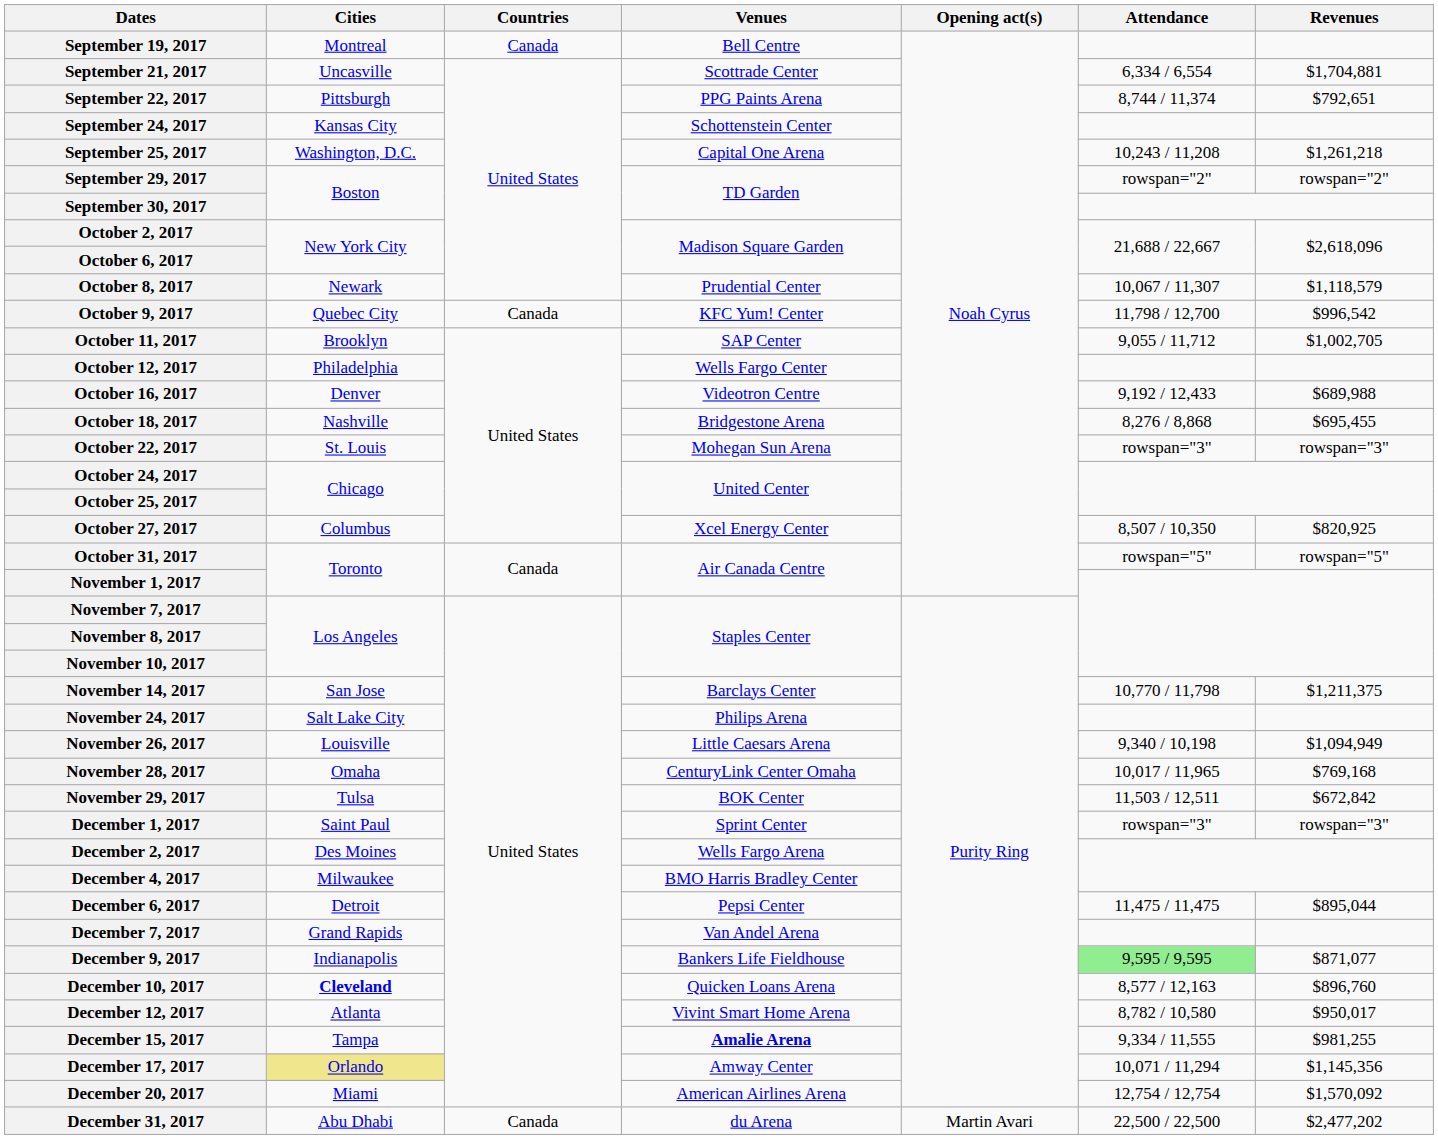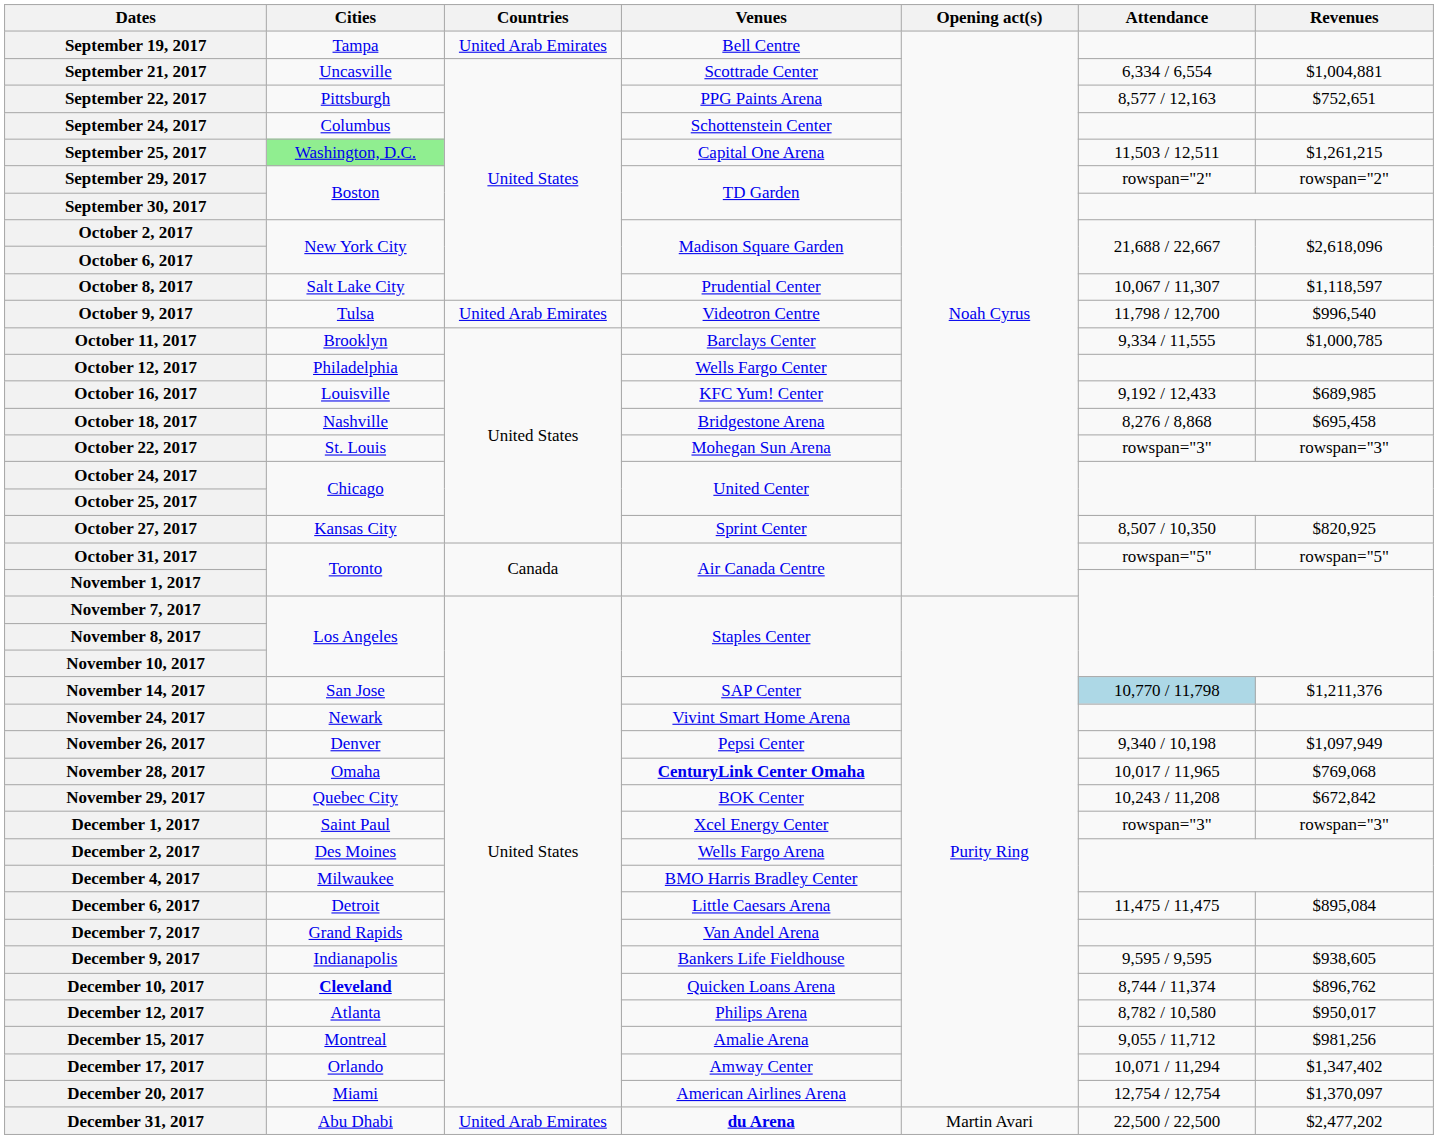 <table class="wikitable plainrowheaders" style="text-align:center;">
 <tr>
 <th scope="col" style="width:15em;">Dates</th>
 <th scope="col" style="width:10em;">Cities</th>
 <th scope="col" style="width:10em;">Countries</th>
 <th scope="col" style="width:16em;">Venues</th>
 <th scope="col" style="width:10em;">Opening act(s)</th>
 <th scope="col" style="width:10em;">Attendance</th>
 <th scope="col" style="width:10em;">Revenues</th>
 </tr>
 <tr>
 <th scope="row" style="text-align:center;">September 19, 2017</th>
-<td><a href='#'>Montreal</a></td>
-<td><a href='#'>Canada</a></td>
+<td><a href='#'>Tampa</a></td>
+<td><a href='#'>United Arab Emirates</a></td>
 <td><a href='#'>Bell Centre</a></td>
 <td rowspan="21"><a href='#'>Noah Cyrus</a></td>
 <td></td>
 <td></td>
 </tr>
 <tr>
 <th scope="row" style="text-align:center;">September 21, 2017</th>
 <td><a href='#'>Uncasville</a></td>
 <td rowspan="9"><a href='#'>United States</a></td>
 <td><a href='#'>Scottrade Center</a></td>
 <td>6,334 / 6,554</td>
-<td>$1,704,881</td>
+<td>$1,004,881</td>
 </tr>
 <tr>
 <th scope="row" style="text-align:center;">September 22, 2017</th>
 <td><a href='#'>Pittsburgh</a></td>
 <td><a href='#'>PPG Paints Arena</a></td>
-<td>8,744 / 11,374</td>
-<td>$792,651</td>
+<td>8,577 / 12,163</td>
+<td>$752,651</td>
 </tr>
 <tr>
 <th scope="row" style="text-align:center;">September 24, 2017</th>
-<td><a href='#'>Kansas City</a></td>
+<td><a href='#'>Columbus</a></td>
 <td><a href='#'>Schottenstein Center</a></td>
 <td></td>
 <td></td>
 </tr>
 <tr>
 <th scope="row" style="text-align:center;">September 25, 2017</th>
-<td><a href='#'>Washington, D.C.</a></td>
+<td style="background: lightgreen;"><a href='#'>Washington, D.C.</a></td>
 <td><a href='#'>Capital One Arena</a></td>
-<td>10,243 / 11,208</td>
-<td>$1,261,218</td>
+<td>11,503 / 12,511</td>
+<td>$1,261,215</td>
 </tr>
 <tr>
 <th scope="row" style="text-align:center;">September 29, 2017</th>
 <td rowspan="2"><a href='#'>Boston</a></td>
 <td rowspan="2"><a href='#'>TD Garden</a></td>
 <td>rowspan="2" </td>
 <td>rowspan="2" </td>
 </tr>
 <tr>
 <th scope="row" style="text-align:center;">September 30, 2017</th>
 </tr>
 <tr>
 <th scope="row" style="text-align:center;">October 2, 2017</th>
 <td rowspan="2"><a href='#'>New York City</a></td>
 <td rowspan="2"><a href='#'>Madison Square Garden</a></td>
 <td rowspan="2">21,688 / 22,667</td>
 <td rowspan="2">$2,618,096</td>
 </tr>
 <tr>
 <th scope="row" style="text-align:center;">October 6, 2017</th>
 </tr>
 <tr>
 <th scope="row" style="text-align:center;">October 8, 2017</th>
-<td><a href='#'>Newark</a></td>
+<td><a href='#'>Salt Lake City</a></td>
 <td><a href='#'>Prudential Center</a></td>
 <td>10,067 / 11,307</td>
-<td>$1,118,579</td>
+<td>$1,118,597</td>
 </tr>
 <tr>
 <th scope="row" style="text-align:center;">October 9, 2017</th>
-<td><a href='#'>Quebec City</a></td>
-<td>Canada</td>
-<td><a href='#'>KFC Yum! Center</a></td>
+<td><a href='#'>Tulsa</a></td>
+<td><a href='#'>United Arab Emirates</a></td>
+<td><a href='#'>Videotron Centre</a></td>
 <td>11,798 / 12,700</td>
-<td>$996,542</td>
+<td>$996,540</td>
 </tr>
 <tr>
 <th scope="row" style="text-align:center;">October 11, 2017</th>
 <td><a href='#'>Brooklyn</a></td>
 <td rowspan="8">United States</td>
-<td><a href='#'>SAP Center</a></td>
-<td>9,055 / 11,712</td>
-<td>$1,002,705</td>
+<td><a href='#'>Barclays Center</a></td>
+<td>9,334 / 11,555</td>
+<td>$1,000,785</td>
 </tr>
 <tr>
 <th scope="row" style="text-align:center;">October 12, 2017</th>
 <td><a href='#'>Philadelphia</a></td>
 <td><a href='#'>Wells Fargo Center</a></td>
 <td></td>
 <td></td>
 </tr>
 <tr>
 <th scope="row" style="text-align:center;">October 16, 2017</th>
-<td><a href='#'>Denver</a></td>
-<td><a href='#'>Videotron Centre</a></td>
+<td><a href='#'>Louisville</a></td>
+<td><a href='#'>KFC Yum! Center</a></td>
 <td>9,192 / 12,433</td>
-<td>$689,988</td>
+<td>$689,985</td>
 </tr>
 <tr>
 <th scope="row" style="text-align:center;">October 18, 2017</th>
 <td><a href='#'>Nashville</a></td>
 <td><a href='#'>Bridgestone Arena</a></td>
 <td>8,276 / 8,868</td>
-<td>$695,455</td>
+<td>$695,458</td>
 </tr>
 <tr>
 <th scope="row" style="text-align:center;">October 22, 2017</th>
 <td><a href='#'>St. Louis</a></td>
 <td><a href='#'>Mohegan Sun Arena</a></td>
 <td>rowspan="3" </td>
 <td>rowspan="3" </td>
 </tr>
 <tr>
 <th scope="row" style="text-align:center;">October 24, 2017</th>
 <td rowspan="2"><a href='#'>Chicago</a></td>
 <td rowspan="2"><a href='#'>United Center</a></td>
 </tr>
 <tr>
 <th scope="row" style="text-align:center;">October 25, 2017</th>
 </tr>
 <tr>
 <th scope="row" style="text-align:center;">October 27, 2017</th>
-<td><a href='#'>Columbus</a></td>
-<td><a href='#'>Xcel Energy Center</a></td>
+<td><a href='#'>Kansas City</a></td>
+<td><a href='#'>Sprint Center</a></td>
 <td>8,507 / 10,350</td>
 <td>$820,925</td>
 </tr>
 <tr>
 <th scope="row" style="text-align:center;">October 31, 2017</th>
 <td rowspan="2"><a href='#'>Toronto</a></td>
 <td rowspan="2">Canada</td>
 <td rowspan="2"><a href='#'>Air Canada Centre</a></td>
 <td>rowspan="5" </td>
 <td>rowspan="5" </td>
 </tr>
 <tr>
 <th scope="row" style="text-align:center;">November 1, 2017</th>
 </tr>
 <tr>
 <th scope="row" style="text-align:center;">November 7, 2017</th>
 <td rowspan="3"><a href='#'>Los Angeles</a></td>
 <td rowspan="19">United States</td>
 <td rowspan="3"><a href='#'>Staples Center</a></td>
 <td rowspan="19"><a href='#'>Purity Ring</a></td>
 </tr>
 <tr>
 <th scope="row" style="text-align:center;">November 8, 2017</th>
 </tr>
 <tr>
 <th scope="row" style="text-align:center;">November 10, 2017</th>
 </tr>
 <tr>
 <th scope="row" style="text-align:center;">November 14, 2017</th>
 <td><a href='#'>San Jose</a></td>
-<td><a href='#'>Barclays Center</a></td>
-<td>10,770 / 11,798</td>
-<td>$1,211,375</td>
+<td><a href='#'>SAP Center</a></td>
+<td style="background: lightblue;">10,770 / 11,798</td>
+<td>$1,211,376</td>
 </tr>
 <tr>
 <th scope="row" style="text-align:center;">November 24, 2017</th>
-<td><a href='#'>Salt Lake City</a></td>
-<td><a href='#'>Philips Arena</a></td>
+<td><a href='#'>Newark</a></td>
+<td><a href='#'>Vivint Smart Home Arena</a></td>
 <td></td>
 <td></td>
 </tr>
 <tr>
 <th scope="row" style="text-align:center;">November 26, 2017</th>
-<td><a href='#'>Louisville</a></td>
-<td><a href='#'>Little Caesars Arena</a></td>
+<td><a href='#'>Denver</a></td>
+<td><a href='#'>Pepsi Center</a></td>
 <td>9,340 / 10,198</td>
-<td>$1,094,949</td>
+<td>$1,097,949</td>
 </tr>
 <tr>
 <th scope="row" style="text-align:center;">November 28, 2017</th>
 <td><a href='#'>Omaha</a></td>
-<td><a href='#'>CenturyLink Center Omaha</a></td>
+<td><strong><a href='#'>CenturyLink Center Omaha</a></strong></td>
 <td>10,017 / 11,965</td>
-<td>$769,168</td>
+<td>$769,068</td>
 </tr>
 <tr>
 <th scope="row" style="text-align:center;">November 29, 2017</th>
-<td><a href='#'>Tulsa</a></td>
+<td><a href='#'>Quebec City</a></td>
 <td><a href='#'>BOK Center</a></td>
-<td>11,503 / 12,511</td>
+<td>10,243 / 11,208</td>
 <td>$672,842</td>
 </tr>
 <tr>
 <th scope="row" style="text-align:center;">December 1, 2017</th>
 <td><a href='#'>Saint Paul</a></td>
-<td><a href='#'>Sprint Center</a></td>
+<td><a href='#'>Xcel Energy Center</a></td>
 <td>rowspan="3" </td>
 <td>rowspan="3" </td>
 </tr>
 <tr>
 <th scope="row" style="text-align:center;">December 2, 2017</th>
 <td><a href='#'>Des Moines</a></td>
 <td><a href='#'>Wells Fargo Arena</a></td>
 </tr>
 <tr>
 <th scope="row" style="text-align:center;">December 4, 2017</th>
 <td><a href='#'>Milwaukee</a></td>
 <td><a href='#'>BMO Harris Bradley Center</a></td>
 </tr>
 <tr>
 <th scope="row" style="text-align:center;">December 6, 2017</th>
 <td><a href='#'>Detroit</a></td>
-<td><a href='#'>Pepsi Center</a></td>
+<td><a href='#'>Little Caesars Arena</a></td>
 <td>11,475 / 11,475</td>
-<td>$895,044</td>
+<td>$895,084</td>
 </tr>
 <tr>
 <th scope="row" style="text-align:center;">December 7, 2017</th>
 <td><a href='#'>Grand Rapids</a></td>
 <td><a href='#'>Van Andel Arena</a></td>
 <td></td>
 <td></td>
 </tr>
 <tr>
 <th scope="row" style="text-align:center;">December 9, 2017</th>
 <td><a href='#'>Indianapolis</a></td>
 <td><a href='#'>Bankers Life Fieldhouse</a></td>
-<td style="background: lightgreen;">9,595 / 9,595</td>
-<td>$871,077</td>
+<td>9,595 / 9,595</td>
+<td>$938,605</td>
 </tr>
 <tr>
 <th scope="row" style="text-align:center;">December 10, 2017</th>
 <td><strong><a href='#'>Cleveland</a></strong></td>
 <td><a href='#'>Quicken Loans Arena</a></td>
-<td>8,577 / 12,163</td>
-<td>$896,760</td>
+<td>8,744 / 11,374</td>
+<td>$896,762</td>
 </tr>
 <tr>
 <th scope="row" style="text-align:center;">December 12, 2017</th>
 <td><a href='#'>Atlanta</a></td>
-<td><a href='#'>Vivint Smart Home Arena</a></td>
+<td><a href='#'>Philips Arena</a></td>
 <td>8,782 / 10,580</td>
 <td>$950,017</td>
 </tr>
 <tr>
 <th scope="row" style="text-align:center;">December 15, 2017</th>
-<td><a href='#'>Tampa</a></td>
-<td><strong><a href='#'>Amalie Arena</a></strong></td>
-<td>9,334 / 11,555</td>
-<td>$981,255</td>
+<td><a href='#'>Montreal</a></td>
+<td><a href='#'>Amalie Arena</a></td>
+<td>9,055 / 11,712</td>
+<td>$981,256</td>
 </tr>
 <tr>
 <th scope="row" style="text-align:center;">December 17, 2017</th>
-<td style="background: khaki;"><a href='#'>Orlando</a></td>
+<td><a href='#'>Orlando</a></td>
 <td><a href='#'>Amway Center</a></td>
 <td>10,071 / 11,294</td>
-<td>$1,145,356</td>
+<td>$1,347,402</td>
 </tr>
 <tr>
 <th scope="row" style="text-align:center;">December 20, 2017</th>
 <td><a href='#'>Miami</a></td>
 <td><a href='#'>American Airlines Arena</a></td>
 <td>12,754 / 12,754</td>
-<td>$1,570,092</td>
+<td>$1,370,097</td>
 </tr>
 <tr>
 <th scope="row" style="text-align:center;">December 31, 2017</th>
 <td><a href='#'>Abu Dhabi</a></td>
-<td>Canada</td>
-<td><a href='#'>du Arena</a></td>
+<td><a href='#'>United Arab Emirates</a></td>
+<td><strong><a href='#'>du Arena</a></strong></td>
 <td>Martin Avari</td>
 <td>22,500 / 22,500</td>
 <td>$2,477,202</td>
 </tr>
 </table>
